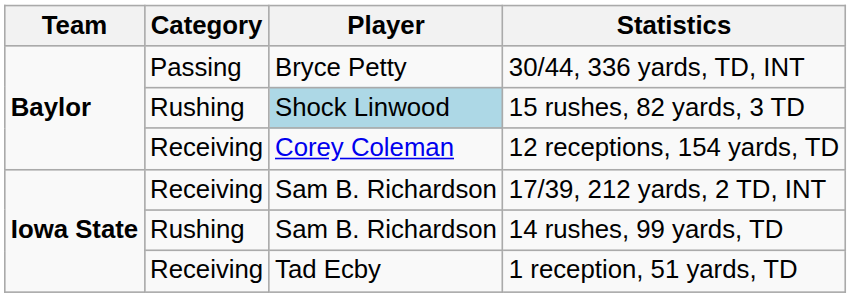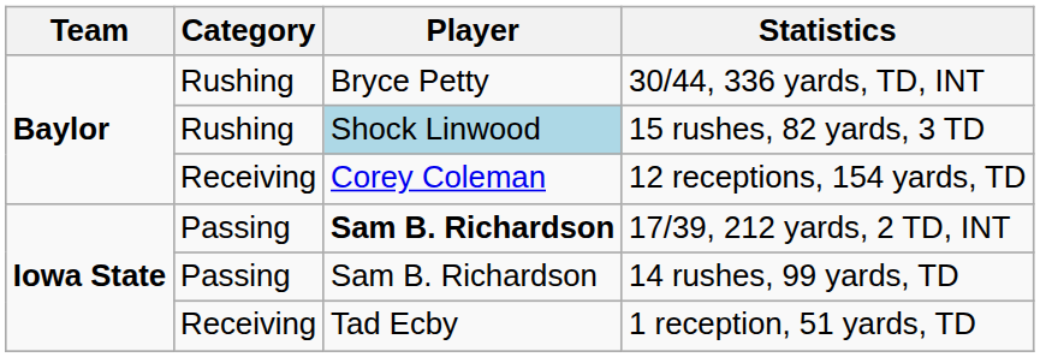 <table class="wikitable" style="float: left;">
 <tr>
 <th>Team</th>
 <th>Category</th>
 <th>Player</th>
 <th>Statistics</th>
 </tr>
 <tr>
 <td rowspan=3><strong>Baylor</strong></td>
-<td>Passing</td>
+<td>Rushing</td>
 <td>Bryce Petty</td>
 <td>30/44, 336 yards, TD, INT</td>
 </tr>
 <tr>
 <td>Rushing</td>
 <td style="background: lightblue;">Shock Linwood</td>
 <td>15 rushes, 82 yards, 3 TD</td>
 </tr>
 <tr>
 <td>Receiving</td>
 <td><a href='#'>Corey Coleman</a></td>
 <td>12 receptions, 154 yards, TD</td>
 </tr>
 <tr>
 <td rowspan=3><strong>Iowa State</strong></td>
-<td>Receiving</td>
-<td>Sam B. Richardson</td>
+<td>Passing</td>
+<td><strong>Sam B. Richardson</strong></td>
 <td>17/39, 212 yards, 2 TD, INT</td>
 </tr>
 <tr>
-<td>Rushing</td>
+<td>Passing</td>
 <td>Sam B. Richardson</td>
 <td>14 rushes, 99 yards, TD</td>
 </tr>
 <tr>
 <td>Receiving</td>
 <td>Tad Ecby</td>
 <td>1 reception, 51 yards, TD</td>
 </tr>
 </table>
